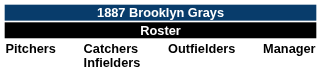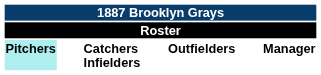 <table class="toccolours" style="font-size: 95%;">
 <tr>
 <th colspan="10" style="background-color: #083c6b; color: white; text-align: center;">1887 Brooklyn Grays</th>
 </tr>
 <tr>
 <td colspan="10" style="background-color: black; color: white; text-align: center;"><strong>Roster</strong></td>
 </tr>
 <tr>
-<td valign="top"><strong>Pitchers</strong><br>    </td>
+<td valign="top" style="background: paleturquoise;"><strong>Pitchers</strong><br>    </td>
 <td width="25px"></td>
 <td valign="top"><strong>Catchers</strong><br>   <strong>Infielders</strong>     </td>
 <td width="25px"></td>
 <td valign="top"><strong>Outfielders</strong><br>     </td>
 <td width="25px"></td>
 <td valign="top"><strong>Manager</strong><br></td>
 </tr>
 </table>
